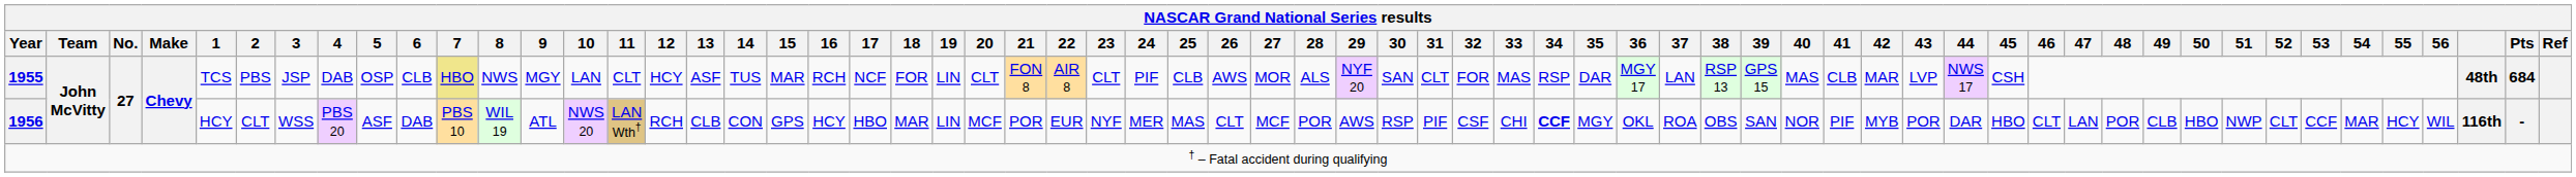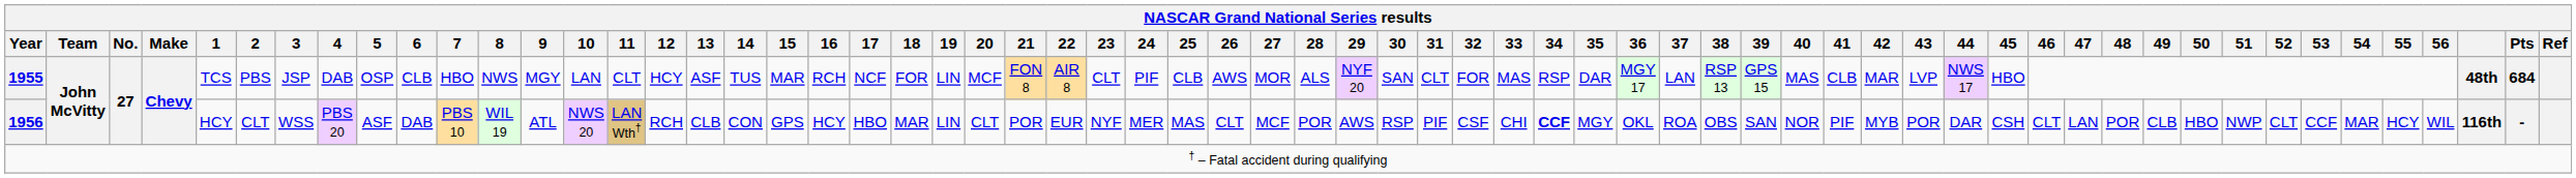 <table class="wikitable" style="text-align:center; font-size:75%">
 <tr>
 <th colspan="69"><a href='#'>NASCAR Grand National Series</a> results</th>
 </tr>
 <tr>
 <th>Year</th>
 <th>Team</th>
 <th>No.</th>
 <th>Make</th>
 <th>1</th>
 <th>2</th>
 <th>3</th>
 <th>4</th>
 <th>5</th>
 <th>6</th>
 <th>7</th>
 <th>8</th>
 <th>9</th>
 <th>10</th>
 <th>11</th>
 <th>12</th>
 <th>13</th>
 <th>14</th>
 <th>15</th>
 <th>16</th>
 <th>17</th>
 <th>18</th>
 <th>19</th>
 <th>20</th>
 <th>21</th>
 <th>22</th>
 <th>23</th>
 <th>24</th>
 <th>25</th>
 <th>26</th>
 <th>27</th>
 <th>28</th>
 <th>29</th>
 <th>30</th>
 <th>31</th>
 <th>32</th>
 <th>33</th>
 <th>34</th>
 <th>35</th>
 <th>36</th>
 <th>37</th>
 <th>38</th>
 <th>39</th>
 <th>40</th>
 <th>41</th>
 <th>42</th>
 <th>43</th>
 <th>44</th>
 <th>45</th>
 <th>46</th>
 <th>47</th>
 <th>48</th>
 <th>49</th>
 <th>50</th>
 <th>51</th>
 <th>52</th>
 <th>53</th>
 <th>54</th>
 <th>55</th>
 <th>56</th>
 <th></th>
 <th>Pts</th>
 <th>Ref</th>
 </tr>
 <tr>
 <th><a href='#'>1955</a></th>
 <th rowspan=2>John McVitty</th>
 <th rowspan=2>27</th>
 <th rowspan=2><a href='#'>Chevy</a></th>
 <td><a href='#'>TCS</a></td>
 <td style="background:#;"><a href='#'>PBS</a></td>
 <td><a href='#'>JSP</a></td>
 <td><a href='#'>DAB</a></td>
 <td><a href='#'>OSP</a></td>
 <td><a href='#'>CLB</a></td>
-<td style="background: khaki;"><a href='#'>HBO</a></td>
+<td><a href='#'>HBO</a></td>
 <td><a href='#'>NWS</a></td>
 <td><a href='#'>MGY</a></td>
 <td><a href='#'>LAN</a></td>
 <td><a href='#'>CLT</a></td>
 <td><a href='#'>HCY</a></td>
 <td><a href='#'>ASF</a></td>
 <td><a href='#'>TUS</a></td>
 <td><a href='#'>MAR</a></td>
 <td><a href='#'>RCH</a></td>
 <td><a href='#'>NCF</a></td>
 <td><a href='#'>FOR</a></td>
 <td><a href='#'>LIN</a></td>
-<td><a href='#'>CLT</a></td>
+<td><a href='#'>MCF</a></td>
 <td style="background:#FFDF9F;"><a href='#'>FON</a><br><small>8</small></td>
 <td style="background:#FFDF9F;"><a href='#'>AIR</a><br><small>8</small></td>
 <td><a href='#'>CLT</a></td>
 <td><a href='#'>PIF</a></td>
 <td><a href='#'>CLB</a></td>
 <td><a href='#'>AWS</a></td>
 <td><a href='#'>MOR</a></td>
 <td><a href='#'>ALS</a></td>
 <td style="background:#EFCFFF;"><a href='#'>NYF</a><br><small>20</small></td>
 <td><a href='#'>SAN</a></td>
 <td><a href='#'>CLT</a></td>
 <td><a href='#'>FOR</a></td>
 <td><a href='#'>MAS</a></td>
 <td><a href='#'>RSP</a></td>
 <td><a href='#'>DAR</a></td>
 <td style="background:#DFFFDF;"><a href='#'>MGY</a><br><small>17</small></td>
 <td><a href='#'>LAN</a></td>
 <td style="background:#DFFFDF;"><a href='#'>RSP</a><br><small>13</small></td>
 <td style="background:#DFFFDF;"><a href='#'>GPS</a><br><small>15</small></td>
 <td><a href='#'>MAS</a></td>
 <td><a href='#'>CLB</a></td>
 <td><a href='#'>MAR</a></td>
 <td><a href='#'>LVP</a></td>
 <td style="background:#EFCFFF;"><a href='#'>NWS</a><br><small>17</small></td>
-<td><a href='#'>CSH</a></td>
+<td><a href='#'>HBO</a></td>
 <td colspan=11></td>
 <th>48th</th>
 <th>684</th>
 <th></th>
 </tr>
 <tr>
 <th><a href='#'>1956</a></th>
 <td><a href='#'>HCY</a></td>
 <td><a href='#'>CLT</a></td>
 <td><a href='#'>WSS</a></td>
 <td style="background:#EFCFFF;"><a href='#'>PBS</a><br><small>20</small></td>
 <td><a href='#'>ASF</a></td>
 <td><a href='#'>DAB</a></td>
 <td style="background:#FFDF9F;"><a href='#'>PBS</a><br><small>10</small></td>
 <td style="background:#DFFFDF;"><a href='#'>WIL</a><br><small>19</small></td>
 <td><a href='#'>ATL</a></td>
 <td style="background:#EFCFFF;"><a href='#'>NWS</a><br><small>20</small></td>
 <td style="background:#DFC484;"><a href='#'>LAN</a><br><small>Wth<sup>†</sup></small></td>
 <td><a href='#'>RCH</a></td>
 <td><a href='#'>CLB</a></td>
 <td><a href='#'>CON</a></td>
 <td><a href='#'>GPS</a></td>
 <td><a href='#'>HCY</a></td>
 <td><a href='#'>HBO</a></td>
 <td><a href='#'>MAR</a></td>
 <td><a href='#'>LIN</a></td>
-<td><a href='#'>MCF</a></td>
+<td><a href='#'>CLT</a></td>
 <td><a href='#'>POR</a></td>
 <td><a href='#'>EUR</a></td>
 <td><a href='#'>NYF</a></td>
 <td><a href='#'>MER</a></td>
 <td><a href='#'>MAS</a></td>
 <td><a href='#'>CLT</a></td>
 <td><a href='#'>MCF</a></td>
 <td><a href='#'>POR</a></td>
 <td><a href='#'>AWS</a></td>
 <td><a href='#'>RSP</a></td>
 <td><a href='#'>PIF</a></td>
 <td><a href='#'>CSF</a></td>
 <td><a href='#'>CHI</a></td>
 <td><strong><a href='#'>CCF</a></strong></td>
 <td><a href='#'>MGY</a></td>
 <td><a href='#'>OKL</a></td>
 <td><a href='#'>ROA</a></td>
 <td><a href='#'>OBS</a></td>
 <td><a href='#'>SAN</a></td>
 <td><a href='#'>NOR</a></td>
 <td><a href='#'>PIF</a></td>
 <td><a href='#'>MYB</a></td>
 <td><a href='#'>POR</a></td>
 <td><a href='#'>DAR</a></td>
-<td><a href='#'>HBO</a></td>
+<td><a href='#'>CSH</a></td>
 <td><a href='#'>CLT</a></td>
 <td><a href='#'>LAN</a></td>
 <td><a href='#'>POR</a></td>
 <td><a href='#'>CLB</a></td>
 <td><a href='#'>HBO</a></td>
 <td><a href='#'>NWP</a></td>
 <td><a href='#'>CLT</a></td>
 <td><a href='#'>CCF</a></td>
 <td><a href='#'>MAR</a></td>
 <td><a href='#'>HCY</a></td>
 <td><a href='#'>WIL</a></td>
 <th>116th</th>
 <th>-</th>
 <th></th>
 </tr>
 <tr>
 <td colspan=63><small><sup>†</sup> – Fatal accident during qualifying</small></td>
 </tr>
 </table>
